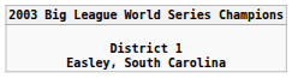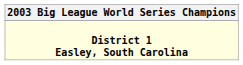 <table class="wikitable" style="text-align: center; margin: 0 auto;">
 <tr>
 <th>2003 Big League World Series Champions</th>
 </tr>
 <tr>
 </tr>
 <tr>
-<td><br><strong>District 1</strong><br> <strong>Easley, South Carolina</strong></td>
+<td style="background: lightyellow;"><br><strong>District 1</strong><br> <strong>Easley, South Carolina</strong></td>
 </tr>
 </table>
